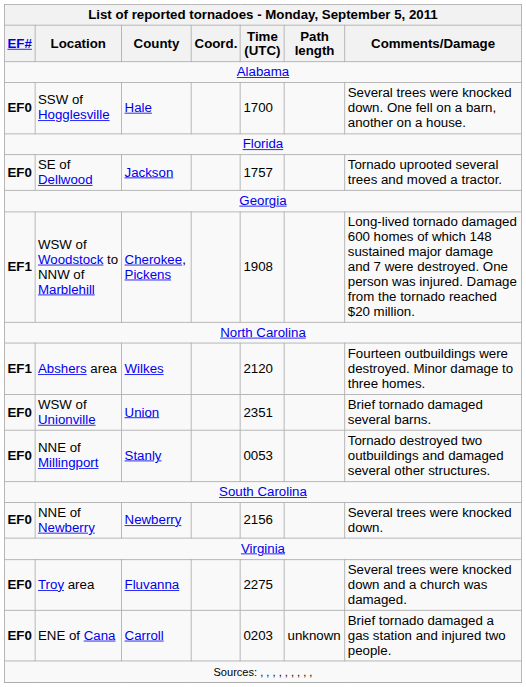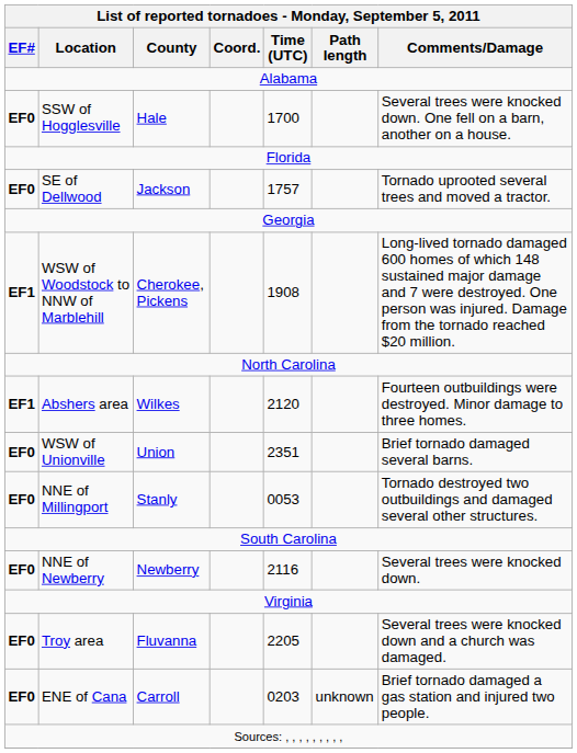 <table class="wikitable collapsible" width="100%">
 <tr>
 <th colspan="7">List of reported tornadoes - Monday, September 5, 2011</th>
 </tr>
 <tr>
 <th><a href='#'>EF#</a></th>
 <th>Location</th>
 <th>County</th>
 <th>Coord.</th>
 <th>Time (UTC)</th>
 <th>Path length</th>
 <th>Comments/Damage</th>
 </tr>
 <tr>
 <td colspan="7" align=center><a href='#'>Alabama</a></td>
 </tr>
 <tr>
 <td><strong>EF0</strong></td>
 <td>SSW of <a href='#'>Hogglesville</a></td>
 <td><a href='#'>Hale</a></td>
 <td></td>
 <td>1700</td>
 <td></td>
 <td>Several trees were knocked down. One fell on a barn, another on a house.</td>
 </tr>
 <tr>
 <td colspan="7" align=center><a href='#'>Florida</a></td>
 </tr>
 <tr>
 <td><strong>EF0</strong></td>
 <td>SE of <a href='#'>Dellwood</a></td>
 <td><a href='#'>Jackson</a></td>
 <td></td>
 <td>1757</td>
 <td></td>
 <td>Tornado uprooted several trees and moved a tractor.</td>
 </tr>
 <tr>
 <td colspan="7" align=center><a href='#'>Georgia</a></td>
 </tr>
 <tr>
 <td><strong>EF1</strong></td>
 <td>WSW of <a href='#'>Woodstock</a> to NNW of <a href='#'>Marblehill</a></td>
 <td><a href='#'>Cherokee</a>, <a href='#'>Pickens</a></td>
 <td></td>
 <td>1908</td>
 <td></td>
 <td>Long-lived tornado damaged 600 homes of which 148 sustained major damage and 7 were destroyed. One person was injured. Damage from the tornado reached $20 million.</td>
 </tr>
 <tr>
 <td colspan="7" align=center><a href='#'>North Carolina</a></td>
 </tr>
 <tr>
 <td><strong>EF1</strong></td>
 <td><a href='#'>Abshers</a> area</td>
 <td><a href='#'>Wilkes</a></td>
 <td></td>
 <td>2120</td>
 <td></td>
 <td>Fourteen outbuildings were destroyed. Minor damage to three homes.</td>
 </tr>
 <tr>
 <td><strong>EF0</strong></td>
 <td>WSW of <a href='#'>Unionville</a></td>
 <td><a href='#'>Union</a></td>
 <td></td>
 <td>2351</td>
 <td></td>
 <td>Brief tornado damaged several barns.</td>
 </tr>
 <tr>
 <td><strong>EF0</strong></td>
 <td>NNE of <a href='#'>Millingport</a></td>
 <td><a href='#'>Stanly</a></td>
 <td></td>
 <td>0053</td>
 <td></td>
 <td>Tornado destroyed two outbuildings and damaged several other structures.</td>
 </tr>
 <tr>
 <td colspan="7" align=center><a href='#'>South Carolina</a></td>
 </tr>
 <tr>
 <td><strong>EF0</strong></td>
 <td>NNE of <a href='#'>Newberry</a></td>
 <td><a href='#'>Newberry</a></td>
 <td></td>
-<td>2156</td>
+<td>2116</td>
 <td></td>
 <td>Several trees were knocked down.</td>
 </tr>
 <tr>
 <td colspan="7" align=center><a href='#'>Virginia</a></td>
 </tr>
 <tr>
 <td><strong>EF0</strong></td>
 <td><a href='#'>Troy</a> area</td>
 <td><a href='#'>Fluvanna</a></td>
 <td></td>
-<td>2275</td>
+<td>2205</td>
 <td></td>
 <td>Several trees were knocked down and a church was damaged.</td>
 </tr>
 <tr>
 <td><strong>EF0</strong></td>
 <td>ENE of <a href='#'>Cana</a></td>
 <td><a href='#'>Carroll</a></td>
 <td></td>
 <td>0203</td>
 <td>unknown</td>
 <td>Brief tornado damaged a gas station and injured two people.</td>
 </tr>
 <tr>
 <td colspan="7" align=center><small>Sources: , , , , , , , , , </small></td>
 </tr>
 <tr>
 </tr>
 </table>
